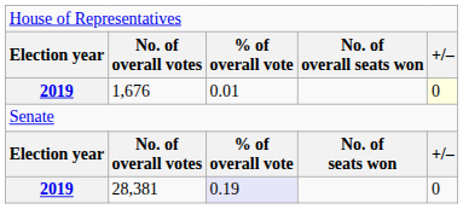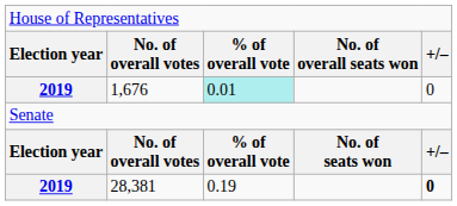 <table class=wikitable>
 <tr>
 <td colspan=6><a href='#'>House of Representatives</a></td>
 </tr>
 <tr>
 <th>Election year</th>
 <th>No. of<br>overall votes</th>
 <th>% of<br>overall vote</th>
 <th>No. of<br>overall seats won</th>
 <th>+/–</th>
 </tr>
 <tr>
 <th><a href='#'>2019</a></th>
 <td>1,676</td>
-<td>0.01</td>
+<td style="background: paleturquoise;">0.01</td>
 <td></td>
-<td style="background: lightyellow;"> 0</td>
+<td> 0</td>
 </tr>
 <tr>
 <td colspan=6><a href='#'>Senate</a></td>
 </tr>
 <tr>
 <th>Election year</th>
 <th>No. of<br>overall votes</th>
 <th>% of<br>overall vote</th>
 <th>No. of<br>seats won</th>
 <th>+/–</th>
 </tr>
 <tr>
 <th><a href='#'>2019</a></th>
 <td>28,381</td>
-<td style="background: lavender;">0.19</td>
+<td>0.19</td>
 <td></td>
-<td> 0</td>
+<td><strong> 0</strong></td>
 </tr>
 </table>
